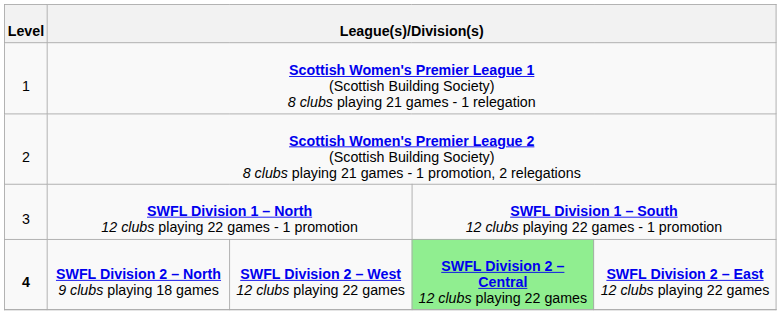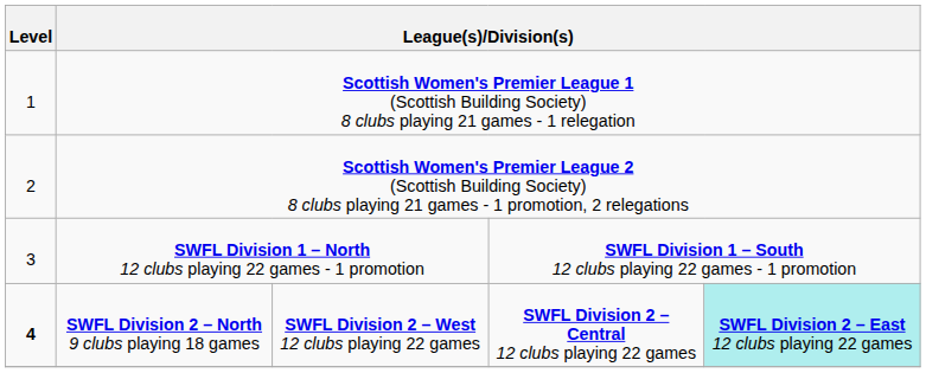 <table class="wikitable" style="text-align: center;">
 <tr>
 <th colspan="1" width="4%"><br>Level</th>
 <th colspan="6" width="96%"><br>League(s)/Division(s)</th>
 </tr>
 <tr>
 <td colspan="1" width="4%"><br>1</td>
 <td colspan="6" width="96%"><br><strong><a href='#'>Scottish Women's Premier League 1</a></strong><br> (Scottish Building Society)<br> <em>8 clubs</em> playing 21 games - 1 relegation</td>
 </tr>
 <tr>
 <td colspan="1" width="4%"><br>2</td>
 <td colspan="6" width="96%"><br><strong><a href='#'>Scottish Women's Premier League 2</a></strong><br> (Scottish Building Society)<br> <em>8 clubs</em> playing 21 games - 1 promotion, 2 relegations</td>
 </tr>
 <tr>
 <td colspan="1" width="4%"><br>3</td>
 <td colspan="2" width="48%"><br><strong><a href='#'>SWFL Division 1 – North</a></strong><br> <em>12 clubs</em> playing 22 games - 1 promotion</td>
 <td colspan="2" width="48%"><br><strong><a href='#'>SWFL Division 1 – South</a></strong><br> <em>12 clubs</em> playing 22 games - 1 promotion</td>
 </tr>
 <tr>
 <td colspan="1" width="4%"><strong><br>4</strong></td>
 <td colspan="1" width="24%"><br><strong><a href='#'>SWFL Division 2 – North</a></strong><br> <em>9 clubs</em> playing 18 games</td>
 <td colspan="1" width="24%"><br><strong><a href='#'>SWFL Division 2 – West</a></strong><br> <em>12 clubs</em> playing 22 games</td>
-<td colspan="1" width="24%" style="background: lightgreen;"><br><strong><a href='#'>SWFL Division 2 – Central</a></strong><br> <em>12 clubs</em> playing 22 games</td>
-<td colspan="1" width="24%"><br><strong><a href='#'>SWFL Division 2 – East</a></strong><br> <em>12 clubs</em> playing 22 games</td>
+<td colspan="1" width="24%"><br><strong><a href='#'>SWFL Division 2 – Central</a></strong><br> <em>12 clubs</em> playing 22 games</td>
+<td colspan="1" width="24%" style="background: paleturquoise;"><br><strong><a href='#'>SWFL Division 2 – East</a></strong><br> <em>12 clubs</em> playing 22 games</td>
 </tr>
 <tr>
 </tr>
 </table>
